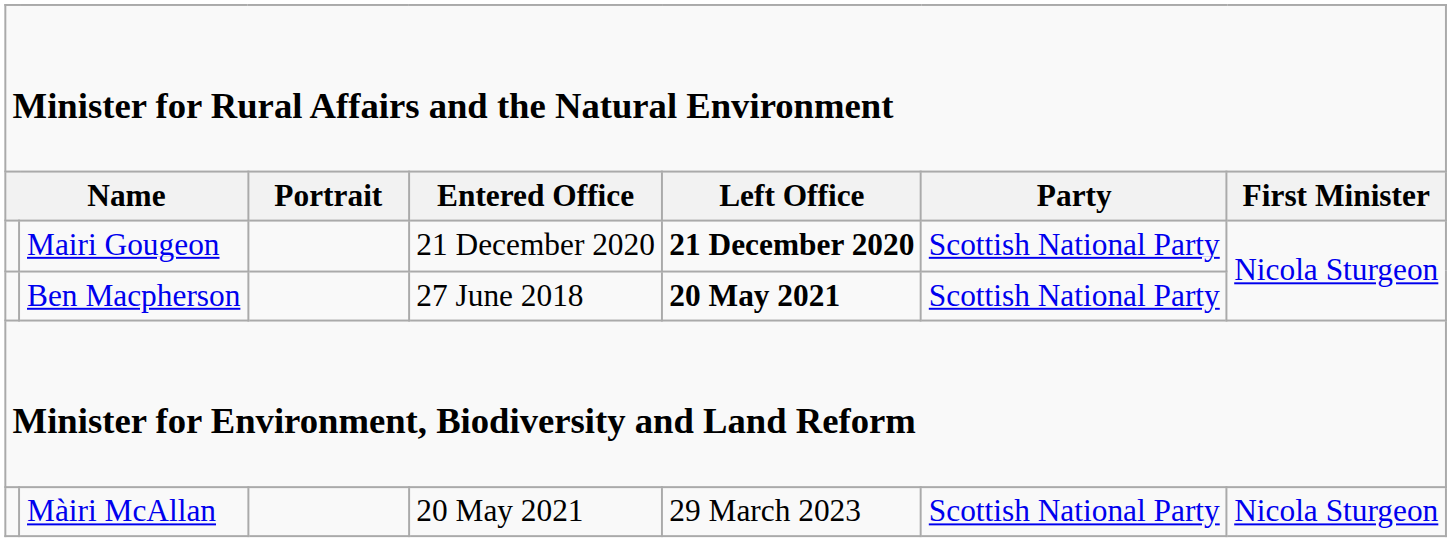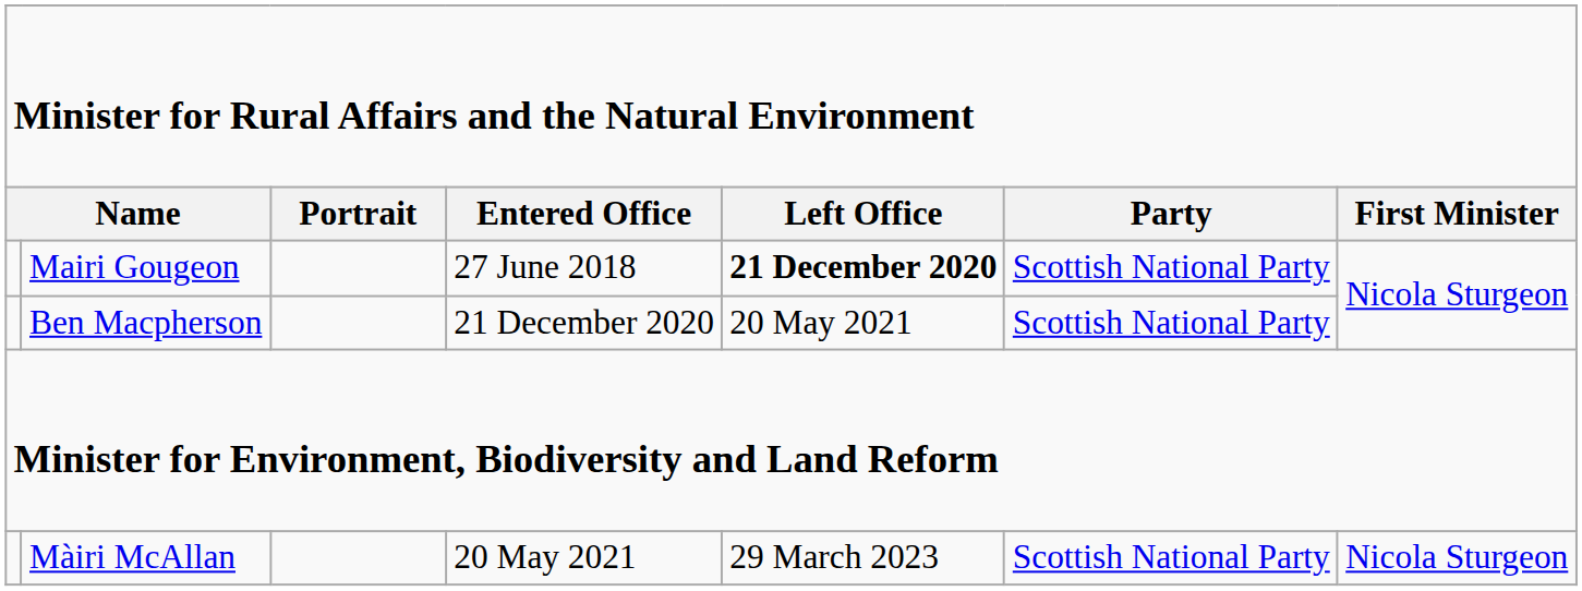 <table class="wikitable" style="margin: 0 0 0 1em; background: #f9f9f9; border: 1px #aaaaaa solid; border-collapse: collapse; ">
 <tr>
 <td colspan="8"><br><h3>Minister for Rural Affairs and the Natural Environment</h3></td>
 </tr>
 <tr>
 <th colspan="2">Name</th>
 <th width=75>Portrait</th>
 <th>Entered Office</th>
 <th>Left Office</th>
 <th>Party</th>
 <th>First Minister</th>
 </tr>
 <tr>
 <td></td>
 <td><a href='#'>Mairi Gougeon</a></td>
 <td></td>
-<td>21 December 2020</td>
+<td>27 June 2018</td>
 <td><strong>21 December 2020</strong></td>
 <td><a href='#'>Scottish National Party</a></td>
 <td rowspan="2"><a href='#'>Nicola Sturgeon</a></td>
 </tr>
 <tr>
 <td></td>
 <td><a href='#'>Ben Macpherson</a></td>
 <td></td>
-<td>27 June 2018</td>
-<td><strong>20 May 2021</strong></td>
+<td>21 December 2020</td>
+<td>20 May 2021</td>
 <td><a href='#'>Scottish National Party</a></td>
 </tr>
 <tr>
 <td colspan="7"><br><h3>Minister for Environment, Biodiversity and Land Reform</h3></td>
 </tr>
 <tr>
 <td></td>
 <td><a href='#'>Màiri McAllan</a></td>
 <td></td>
 <td>20 May 2021</td>
 <td>29 March 2023</td>
 <td><a href='#'>Scottish National Party</a></td>
 <td><a href='#'>Nicola Sturgeon</a></td>
 </tr>
 </table>
